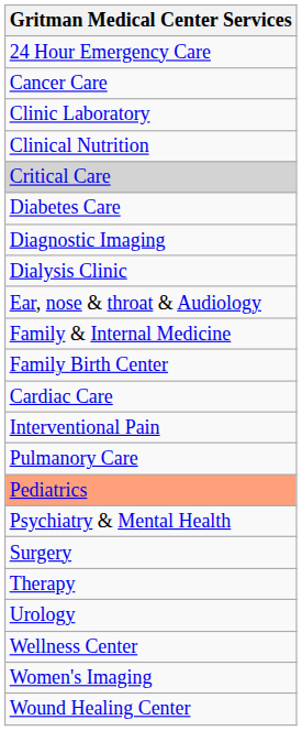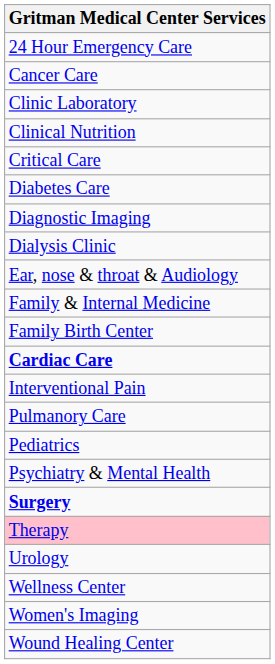 <table class="wikitable">
 <tr>
 <th>Gritman Medical Center Services</th>
 </tr>
 <tr>
 <td><a href='#'>24 Hour Emergency Care</a></td>
 </tr>
 <tr>
 <td><a href='#'>Cancer Care</a></td>
 </tr>
 <tr>
 <td><a href='#'>Clinic Laboratory</a></td>
 </tr>
 <tr>
 <td><a href='#'>Clinical Nutrition</a></td>
 </tr>
 <tr>
-<td style="background: lightgrey;"><a href='#'>Critical Care</a></td>
+<td><a href='#'>Critical Care</a></td>
 </tr>
 <tr>
 <td><a href='#'>Diabetes Care</a></td>
 </tr>
 <tr>
 <td><a href='#'>Diagnostic Imaging</a></td>
 </tr>
 <tr>
 <td><a href='#'>Dialysis Clinic</a></td>
 </tr>
 <tr>
 <td><a href='#'>Ear</a>, <a href='#'>nose</a> & <a href='#'>throat</a> & <a href='#'>Audiology</a></td>
 </tr>
 <tr>
 <td><a href='#'>Family</a> & <a href='#'>Internal Medicine</a></td>
 </tr>
 <tr>
 <td><a href='#'>Family Birth Center</a></td>
 </tr>
 <tr>
-<td><a href='#'>Cardiac Care</a></td>
+<td><strong><a href='#'>Cardiac Care</a></strong></td>
 </tr>
 <tr>
 <td><a href='#'>Interventional Pain</a></td>
 </tr>
 <tr>
 <td><a href='#'>Pulmanory Care</a></td>
 </tr>
 <tr>
-<td style="background: lightsalmon;"><a href='#'>Pediatrics</a></td>
+<td><a href='#'>Pediatrics</a></td>
 </tr>
 <tr>
 <td><a href='#'>Psychiatry</a> & <a href='#'>Mental Health</a></td>
 </tr>
 <tr>
-<td><a href='#'>Surgery</a></td>
+<td><strong><a href='#'>Surgery</a></strong></td>
 </tr>
 <tr>
-<td><a href='#'>Therapy</a></td>
+<td style="background: pink;"><a href='#'>Therapy</a></td>
 </tr>
 <tr>
 <td><a href='#'>Urology</a></td>
 </tr>
 <tr>
 <td><a href='#'>Wellness Center</a></td>
 </tr>
 <tr>
 <td><a href='#'>Women's Imaging</a></td>
 </tr>
 <tr>
 <td><a href='#'>Wound Healing Center</a></td>
 </tr>
 </table>
